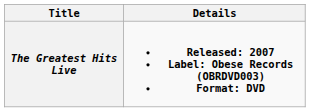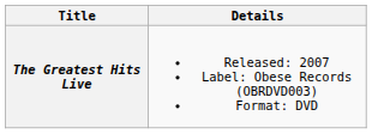 <table class="wikitable plainrowheaders" style="text-align:center;" border="1">
 <tr>
 <th scope="col" style="width:11em;">Title</th>
 <th scope="col" style="width:17em;">Details</th>
 </tr>
 <tr>
 <th scope="row"><em>The Greatest Hits Live</em></th>
-<td><strong><br><ul><li>Released: 2007</li><li>Label: Obese Records (OBRDVD003)</li><li>Format: DVD</li></ul></strong></td>
+<td><br><ul><li>Released: 2007</li><li>Label: Obese Records (OBRDVD003)</li><li>Format: DVD</li></ul></td>
 </tr>
 </table>
